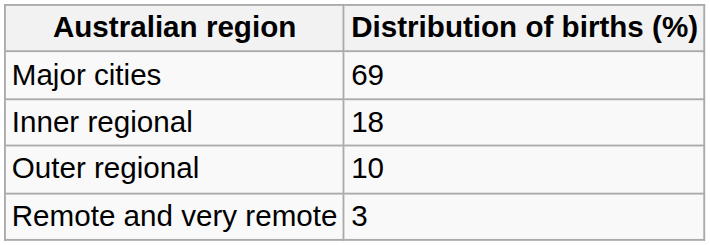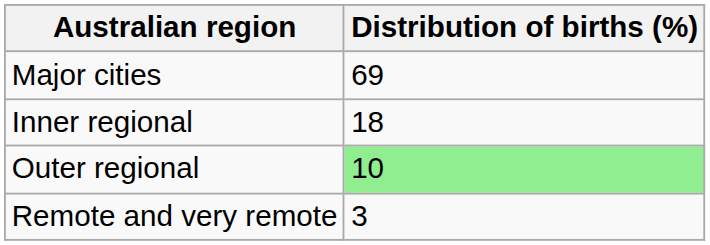 <table class="wikitable">
 <tr>
 <th>Australian region</th>
 <th>Distribution of births (%)</th>
 </tr>
 <tr>
 <td>Major cities</td>
 <td>69</td>
 </tr>
 <tr>
 <td>Inner regional</td>
 <td>18</td>
 </tr>
 <tr>
 <td>Outer regional</td>
-<td>10</td>
+<td style="background: lightgreen;">10</td>
 </tr>
 <tr>
 <td>Remote and very remote</td>
 <td>3</td>
 </tr>
 </table>
